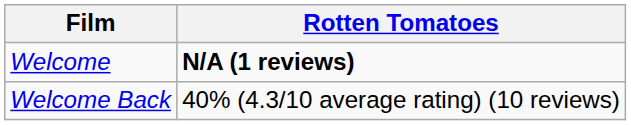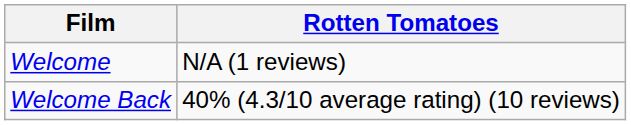 <table class="wikitable sortable">
 <tr>
 <th>Film</th>
 <th><a href='#'>Rotten Tomatoes</a></th>
 </tr>
 <tr>
 <td><a href='#'><em>Welcome</em></a></td>
-<td><strong>N/A (1 reviews)</strong></td>
+<td>N/A (1 reviews)</td>
 </tr>
 <tr>
 <td><a href='#'><em>Welcome Back</em></a></td>
 <td>40% (4.3/10 average rating) (10 reviews)</td>
 </tr>
 </table>
